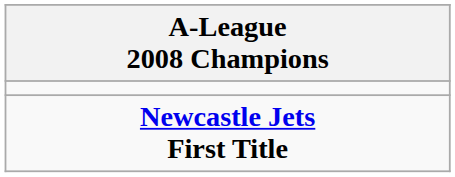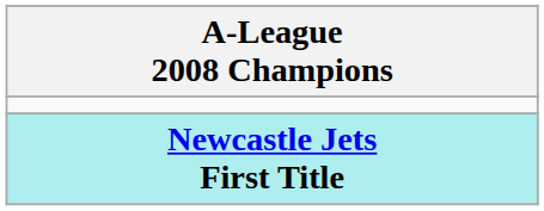 <table class="wikitable" style="text-align: center; margin: 0 auto; width: 20%">
 <tr>
 <th>A-League<br>2008 Champions</th>
 </tr>
 <tr>
 <td></td>
 </tr>
 <tr>
-<td><strong><a href='#'>Newcastle Jets</a></strong><br><strong>First Title</strong></td>
+<td style="background: paleturquoise;"><strong><a href='#'>Newcastle Jets</a></strong><br><strong>First Title</strong></td>
 </tr>
 </table>
